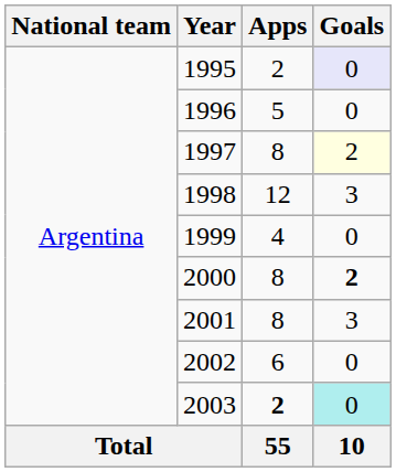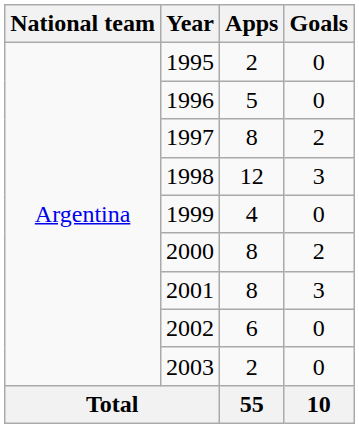 <table class="wikitable" style="text-align:center">
 <tr>
 <th>National team</th>
 <th>Year</th>
 <th>Apps</th>
 <th>Goals</th>
 </tr>
 <tr>
 <td rowspan="9"><a href='#'>Argentina</a></td>
 <td>1995</td>
 <td>2</td>
-<td style="background: lavender;">0</td>
+<td>0</td>
 </tr>
 <tr>
 <td>1996</td>
 <td>5</td>
 <td>0</td>
 </tr>
 <tr>
 <td>1997</td>
 <td>8</td>
-<td style="background: lightyellow;">2</td>
+<td>2</td>
 </tr>
 <tr>
 <td>1998</td>
 <td>12</td>
 <td>3</td>
 </tr>
 <tr>
 <td>1999</td>
 <td>4</td>
 <td>0</td>
 </tr>
 <tr>
 <td>2000</td>
 <td>8</td>
-<td><strong>2</strong></td>
+<td>2</td>
 </tr>
 <tr>
 <td>2001</td>
 <td>8</td>
 <td>3</td>
 </tr>
 <tr>
 <td>2002</td>
 <td>6</td>
 <td>0</td>
 </tr>
 <tr>
 <td>2003</td>
-<td><strong>2</strong></td>
-<td style="background: paleturquoise;">0</td>
+<td>2</td>
+<td>0</td>
 </tr>
 <tr>
 <th colspan="2">Total</th>
 <th>55</th>
 <th>10</th>
 </tr>
 </table>
